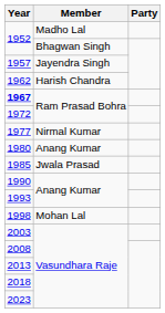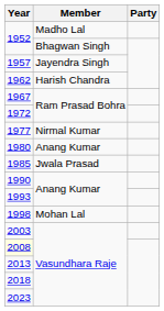 <table class="wikitable sortable">
 <tr>
 <th>Year</th>
 <th>Member</th>
 <th colspan="2">Party</th>
 </tr>
 <tr>
 <td rowspan="2"><a href='#'>1952</a></td>
 <td>Madho Lal</td>
 <td></td>
 </tr>
 <tr>
 <td>Bhagwan Singh</td>
 </tr>
 <tr>
 <td><a href='#'>1957</a></td>
 <td>Jayendra Singh</td>
 </tr>
 <tr>
 <td><a href='#'>1962</a></td>
 <td>Harish Chandra</td>
 </tr>
 <tr>
-<td><strong><a href='#'>1967</a></strong></td>
+<td><a href='#'>1967</a></td>
 <td rowspan="2">Ram Prasad Bohra</td>
 <td></td>
 </tr>
 <tr>
 <td><a href='#'>1972</a></td>
 <td></td>
 </tr>
 <tr>
 <td><a href='#'>1977</a></td>
 <td>Nirmal Kumar</td>
 <td></td>
 </tr>
 <tr>
 <td><a href='#'>1980</a></td>
 <td>Anang Kumar</td>
 <td></td>
 </tr>
 <tr>
 <td><a href='#'>1985</a></td>
 <td>Jwala Prasad</td>
 <td></td>
 </tr>
 <tr>
 <td><a href='#'>1990</a></td>
 <td rowspan="2">Anang Kumar</td>
 <td></td>
 </tr>
 <tr>
 <td><a href='#'>1993</a></td>
 </tr>
 <tr>
 <td><a href='#'>1998</a></td>
 <td>Mohan Lal</td>
 <td></td>
 </tr>
 <tr>
 <td><a href='#'>2003</a></td>
 <td rowspan="5"><a href='#'>Vasundhara Raje</a></td>
 <td></td>
 </tr>
 <tr>
-<td><a href='#'>2008</a></td>
+<td style="background: lightyellow;"><a href='#'>2008</a></td>
 </tr>
 <tr>
 <td><a href='#'>2013</a></td>
 </tr>
 <tr>
 <td><a href='#'>2018</a></td>
 </tr>
 <tr>
 <td><a href='#'>2023</a></td>
 </tr>
 </table>
